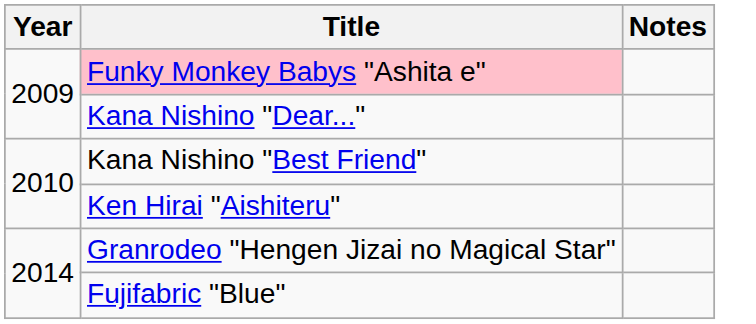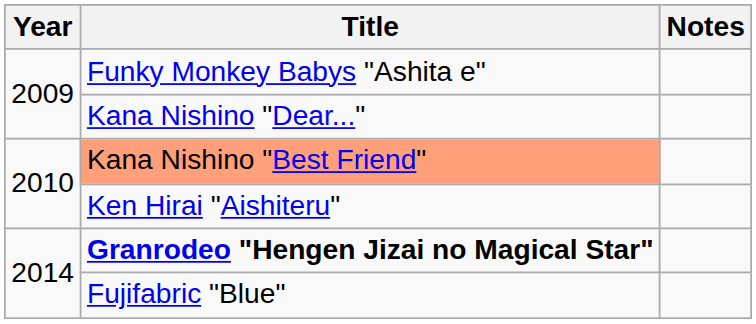 <table class="wikitable">
 <tr>
 <th>Year</th>
 <th>Title</th>
 <th>Notes</th>
 </tr>
 <tr>
 <td rowspan="2">2009</td>
-<td style="background: pink;"><a href='#'>Funky Monkey Babys</a> "Ashita e"</td>
+<td><a href='#'>Funky Monkey Babys</a> "Ashita e"</td>
 <td></td>
 </tr>
 <tr>
 <td><a href='#'>Kana Nishino</a> "<a href='#'>Dear...</a>"</td>
 <td></td>
 </tr>
 <tr>
 <td rowspan="2">2010</td>
-<td>Kana Nishino "<a href='#'>Best Friend</a>"</td>
+<td style="background: lightsalmon;">Kana Nishino "<a href='#'>Best Friend</a>"</td>
 <td></td>
 </tr>
 <tr>
 <td><a href='#'>Ken Hirai</a> "<a href='#'>Aishiteru</a>"</td>
 <td></td>
 </tr>
 <tr>
 <td rowspan="2">2014</td>
-<td><a href='#'>Granrodeo</a> "Hengen Jizai no Magical Star"</td>
+<td><strong><a href='#'>Granrodeo</a> "Hengen Jizai no Magical Star"</strong></td>
 <td></td>
 </tr>
 <tr>
 <td><a href='#'>Fujifabric</a> "Blue"</td>
 <td></td>
 </tr>
 </table>
